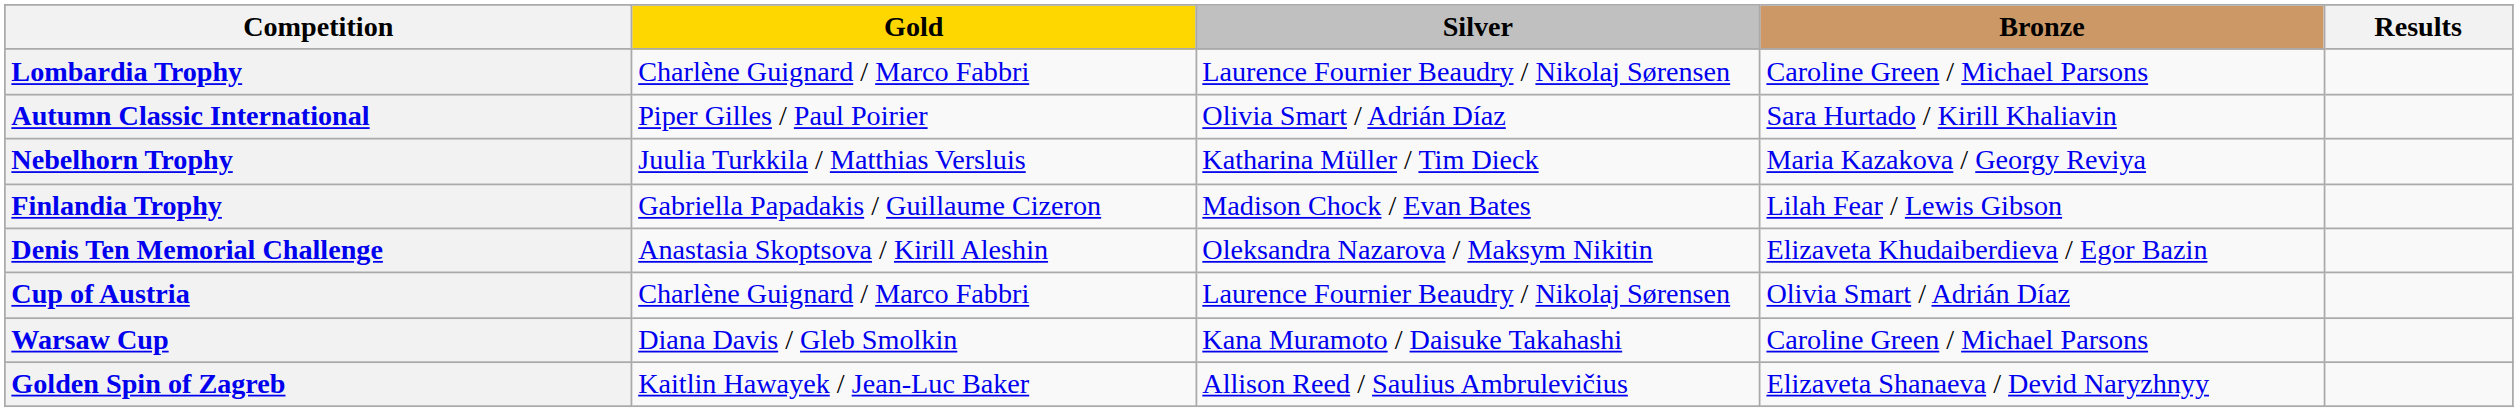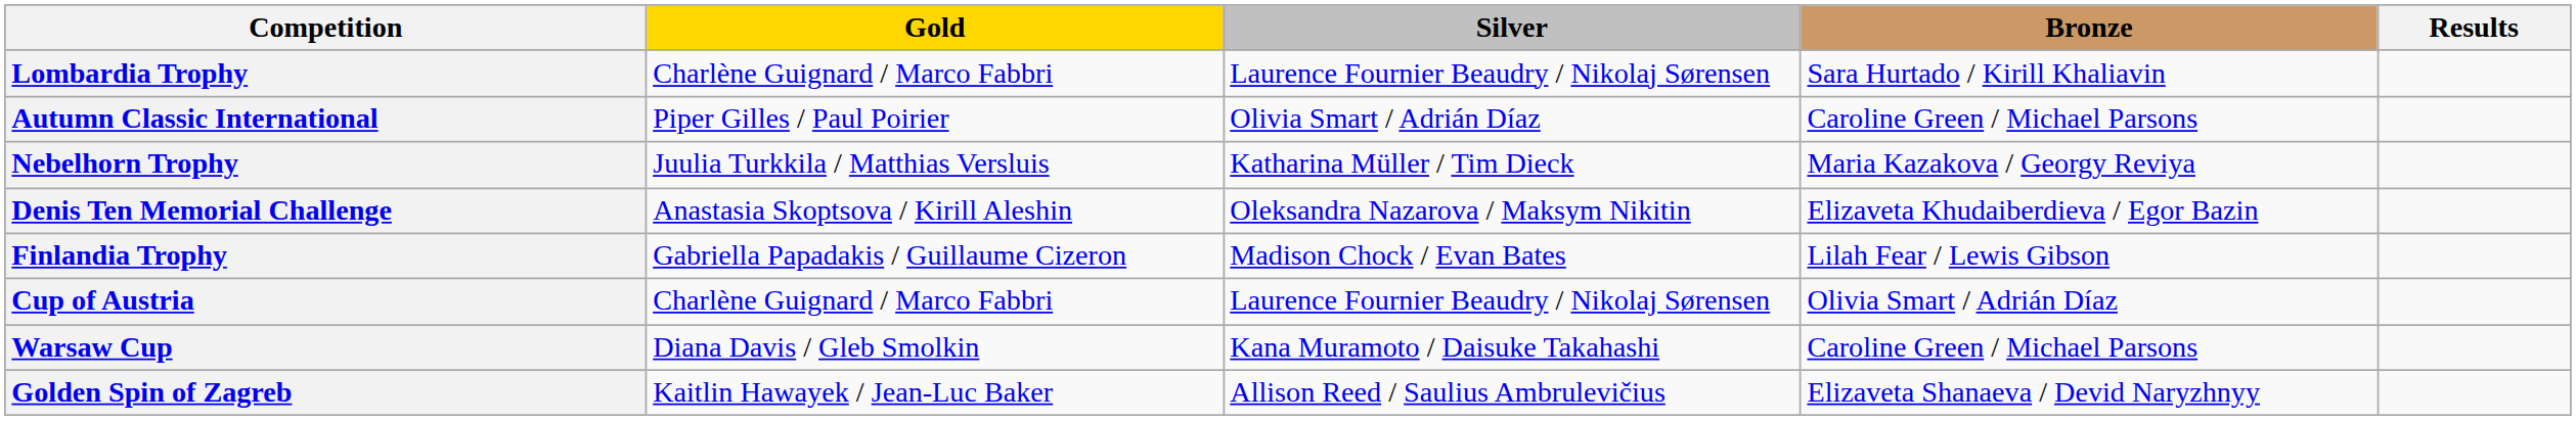 <table class="wikitable unsortable" style="text-align:left; width:90%;">
 <tr>
 <th scope="col" style="text-align:center; width:25%;">Competition</th>
 <td scope="col" style="text-align:center; width:22.5%; background:gold"><strong>Gold</strong></td>
 <td scope="col" style="text-align:center; width:22.5%; background:silver"><strong>Silver</strong></td>
 <td scope="col" style="text-align:center; width:22.5%; background:#c96"><strong>Bronze</strong></td>
 <th scope="col" style="text-align:center; width:7.5%;">Results</th>
 </tr>
 <tr>
 <th scope="row" style="text-align:left"> <a href='#'>Lombardia Trophy</a></th>
 <td> <a href='#'>Charlène Guignard</a> / <a href='#'>Marco Fabbri</a></td>
 <td> <a href='#'>Laurence Fournier Beaudry</a> / <a href='#'>Nikolaj Sørensen</a></td>
-<td> <a href='#'>Caroline Green</a> / <a href='#'>Michael Parsons</a></td>
+<td> <a href='#'>Sara Hurtado</a> / <a href='#'>Kirill Khaliavin</a></td>
 <td></td>
 </tr>
 <tr>
 <th scope="row" style="text-align:left"> <a href='#'>Autumn Classic International</a></th>
 <td> <a href='#'>Piper Gilles</a> / <a href='#'>Paul Poirier</a></td>
 <td> <a href='#'>Olivia Smart</a> / <a href='#'>Adrián Díaz</a></td>
-<td> <a href='#'>Sara Hurtado</a> / <a href='#'>Kirill Khaliavin</a></td>
+<td> <a href='#'>Caroline Green</a> / <a href='#'>Michael Parsons</a></td>
 <td></td>
 </tr>
 <tr>
 <th scope="row" style="text-align:left"> <a href='#'>Nebelhorn Trophy</a></th>
 <td> <a href='#'>Juulia Turkkila</a> / <a href='#'>Matthias Versluis</a></td>
 <td> <a href='#'>Katharina Müller</a> / <a href='#'>Tim Dieck</a></td>
 <td> <a href='#'>Maria Kazakova</a> / <a href='#'>Georgy Reviya</a></td>
 <td></td>
 </tr>
 <tr>
+<th scope="row" style="text-align:left"> <a href='#'>Denis Ten Memorial Challenge</a></th>
+<td> <a href='#'>Anastasia Skoptsova</a> / <a href='#'>Kirill Aleshin</a></td>
+<td> <a href='#'>Oleksandra Nazarova</a> / <a href='#'>Maksym Nikitin</a></td>
+<td> <a href='#'>Elizaveta Khudaiberdieva</a> / <a href='#'>Egor Bazin</a></td>
+<td></td>
+</tr>
+<tr>
 <th scope="row" style="text-align:left"> <a href='#'>Finlandia Trophy</a></th>
 <td> <a href='#'>Gabriella Papadakis</a> / <a href='#'>Guillaume Cizeron</a></td>
 <td> <a href='#'>Madison Chock</a> / <a href='#'>Evan Bates</a></td>
 <td> <a href='#'>Lilah Fear</a> / <a href='#'>Lewis Gibson</a></td>
-<td></td>
-</tr>
-<tr>
-<th scope="row" style="text-align:left"> <a href='#'>Denis Ten Memorial Challenge</a></th>
-<td> <a href='#'>Anastasia Skoptsova</a> / <a href='#'>Kirill Aleshin</a></td>
-<td> <a href='#'>Oleksandra Nazarova</a> / <a href='#'>Maksym Nikitin</a></td>
-<td> <a href='#'>Elizaveta Khudaiberdieva</a> / <a href='#'>Egor Bazin</a></td>
 <td></td>
 </tr>
 <tr>
 <th scope="row" style="text-align:left"> <a href='#'>Cup of Austria</a></th>
 <td> <a href='#'>Charlène Guignard</a> / <a href='#'>Marco Fabbri</a></td>
 <td> <a href='#'>Laurence Fournier Beaudry</a> / <a href='#'>Nikolaj Sørensen</a></td>
 <td> <a href='#'>Olivia Smart</a> / <a href='#'>Adrián Díaz</a></td>
 <td></td>
 </tr>
 <tr>
 <th scope="row" style="text-align:left"> <a href='#'>Warsaw Cup</a></th>
 <td> <a href='#'>Diana Davis</a> / <a href='#'>Gleb Smolkin</a></td>
 <td> <a href='#'>Kana Muramoto</a> / <a href='#'>Daisuke Takahashi</a></td>
 <td> <a href='#'>Caroline Green</a> / <a href='#'>Michael Parsons</a></td>
 <td></td>
 </tr>
 <tr>
 <th scope="row" style="text-align:left"> <a href='#'>Golden Spin of Zagreb</a></th>
 <td> <a href='#'>Kaitlin Hawayek</a> / <a href='#'>Jean-Luc Baker</a></td>
 <td> <a href='#'>Allison Reed</a> / <a href='#'>Saulius Ambrulevičius</a></td>
 <td> <a href='#'>Elizaveta Shanaeva</a> / <a href='#'>Devid Naryzhnyy</a></td>
 <td></td>
 </tr>
 </table>
